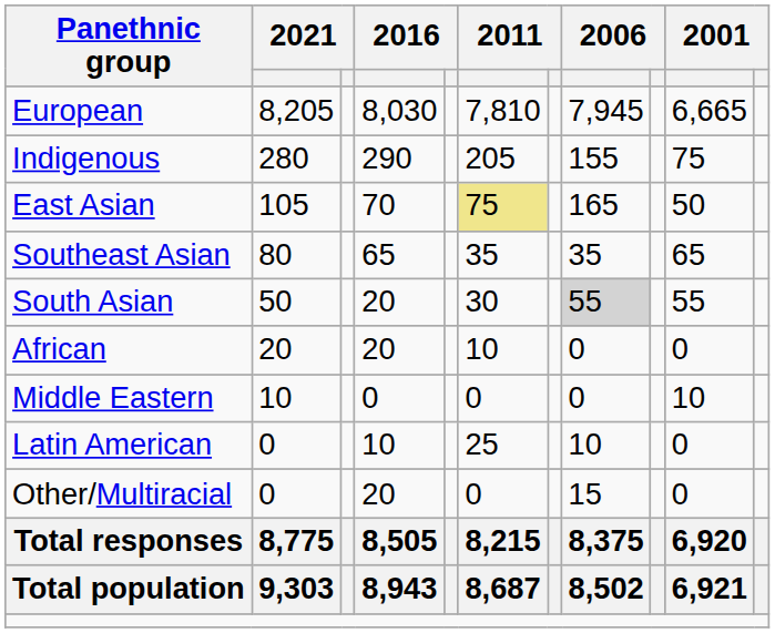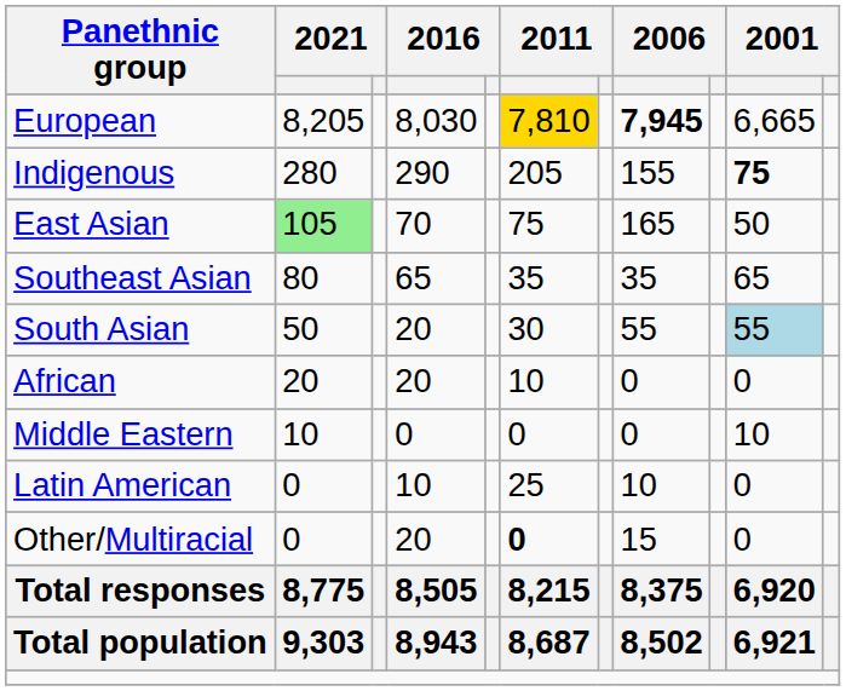 <table class="wikitable collapsible sortable">
 <tr>
 <th rowspan="2"><a href='#'>Panethnic</a><br>group</th>
 <th colspan="2">2021</th>
 <th colspan="2">2016</th>
 <th colspan="2">2011</th>
 <th colspan="2">2006</th>
 <th colspan="2">2001</th>
 </tr>
 <tr>
 <th><a href='#'></a></th>
 <th></th>
 <th></th>
 <th></th>
 <th></th>
 <th></th>
 <th></th>
 <th></th>
 <th></th>
 <th></th>
 </tr>
 <tr>
 <td><a href='#'>European</a></td>
 <td>8,205</td>
 <td></td>
 <td>8,030</td>
 <td></td>
-<td>7,810</td>
+<td style="background: gold;">7,810</td>
 <td></td>
-<td>7,945</td>
+<td><strong>7,945</strong></td>
 <td></td>
 <td>6,665</td>
 <td></td>
 </tr>
 <tr>
 <td><a href='#'>Indigenous</a></td>
 <td>280</td>
 <td></td>
 <td>290</td>
 <td></td>
 <td>205</td>
 <td></td>
 <td>155</td>
 <td></td>
-<td>75</td>
+<td><strong>75</strong></td>
 <td></td>
 </tr>
 <tr>
 <td><a href='#'>East Asian</a></td>
-<td>105</td>
+<td style="background: lightgreen;">105</td>
 <td></td>
 <td>70</td>
 <td></td>
-<td style="background: khaki;">75</td>
+<td>75</td>
 <td></td>
 <td>165</td>
 <td></td>
 <td>50</td>
 <td></td>
 </tr>
 <tr>
 <td><a href='#'>Southeast Asian</a></td>
 <td>80</td>
 <td></td>
 <td>65</td>
 <td></td>
 <td>35</td>
 <td></td>
 <td>35</td>
 <td></td>
 <td>65</td>
 <td></td>
 </tr>
 <tr>
 <td><a href='#'>South Asian</a></td>
 <td>50</td>
 <td></td>
 <td>20</td>
 <td></td>
 <td>30</td>
 <td></td>
-<td style="background: lightgrey;">55</td>
+<td>55</td>
 <td></td>
-<td>55</td>
+<td style="background: lightblue;">55</td>
 <td></td>
 </tr>
 <tr>
 <td><a href='#'>African</a></td>
 <td>20</td>
 <td></td>
 <td>20</td>
 <td></td>
 <td>10</td>
 <td></td>
 <td>0</td>
 <td></td>
 <td>0</td>
 <td></td>
 </tr>
 <tr>
 <td><a href='#'>Middle Eastern</a></td>
 <td>10</td>
 <td></td>
 <td>0</td>
 <td></td>
 <td>0</td>
 <td></td>
 <td>0</td>
 <td></td>
 <td>10</td>
 <td></td>
 </tr>
 <tr>
 <td><a href='#'>Latin American</a></td>
 <td>0</td>
 <td></td>
 <td>10</td>
 <td></td>
 <td>25</td>
 <td></td>
 <td>10</td>
 <td></td>
 <td>0</td>
 <td></td>
 </tr>
 <tr>
 <td>Other/<a href='#'>Multiracial</a></td>
 <td>0</td>
 <td></td>
 <td>20</td>
 <td></td>
-<td>0</td>
+<td><strong>0</strong></td>
 <td></td>
 <td>15</td>
 <td></td>
 <td>0</td>
 <td></td>
 </tr>
 <tr>
 <th>Total responses</th>
 <th>8,775</th>
 <th></th>
 <th>8,505</th>
 <th></th>
 <th>8,215</th>
 <th></th>
 <th>8,375</th>
 <th></th>
 <th>6,920</th>
 <th></th>
 </tr>
 <tr>
 <th>Total population</th>
 <th>9,303</th>
 <th></th>
 <th>8,943</th>
 <th></th>
 <th>8,687</th>
 <th></th>
 <th>8,502</th>
 <th></th>
 <th>6,921</th>
 <th></th>
 </tr>
 <tr class="sortbottom">
 <td colspan="15"></td>
 </tr>
 </table>
